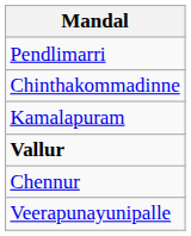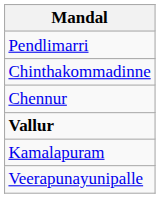 <table class="wikitable sortable static-row-numbers static-row-header-hash">
 <tr>
 <th>Mandal</th>
 </tr>
 <tr>
 <td><a href='#'>Pendlimarri</a></td>
 </tr>
 <tr>
 <td><a href='#'>Chinthakommadinne</a></td>
 </tr>
 <tr>
-<td><a href='#'>Kamalapuram</a></td>
+<td><a href='#'>Chennur</a></td>
 </tr>
 <tr>
 <td><strong>Vallur</strong></td>
 </tr>
 <tr>
-<td><a href='#'>Chennur</a></td>
+<td><a href='#'>Kamalapuram</a></td>
 </tr>
 <tr>
 <td><a href='#'>Veerapunayunipalle</a></td>
 </tr>
 </table>
